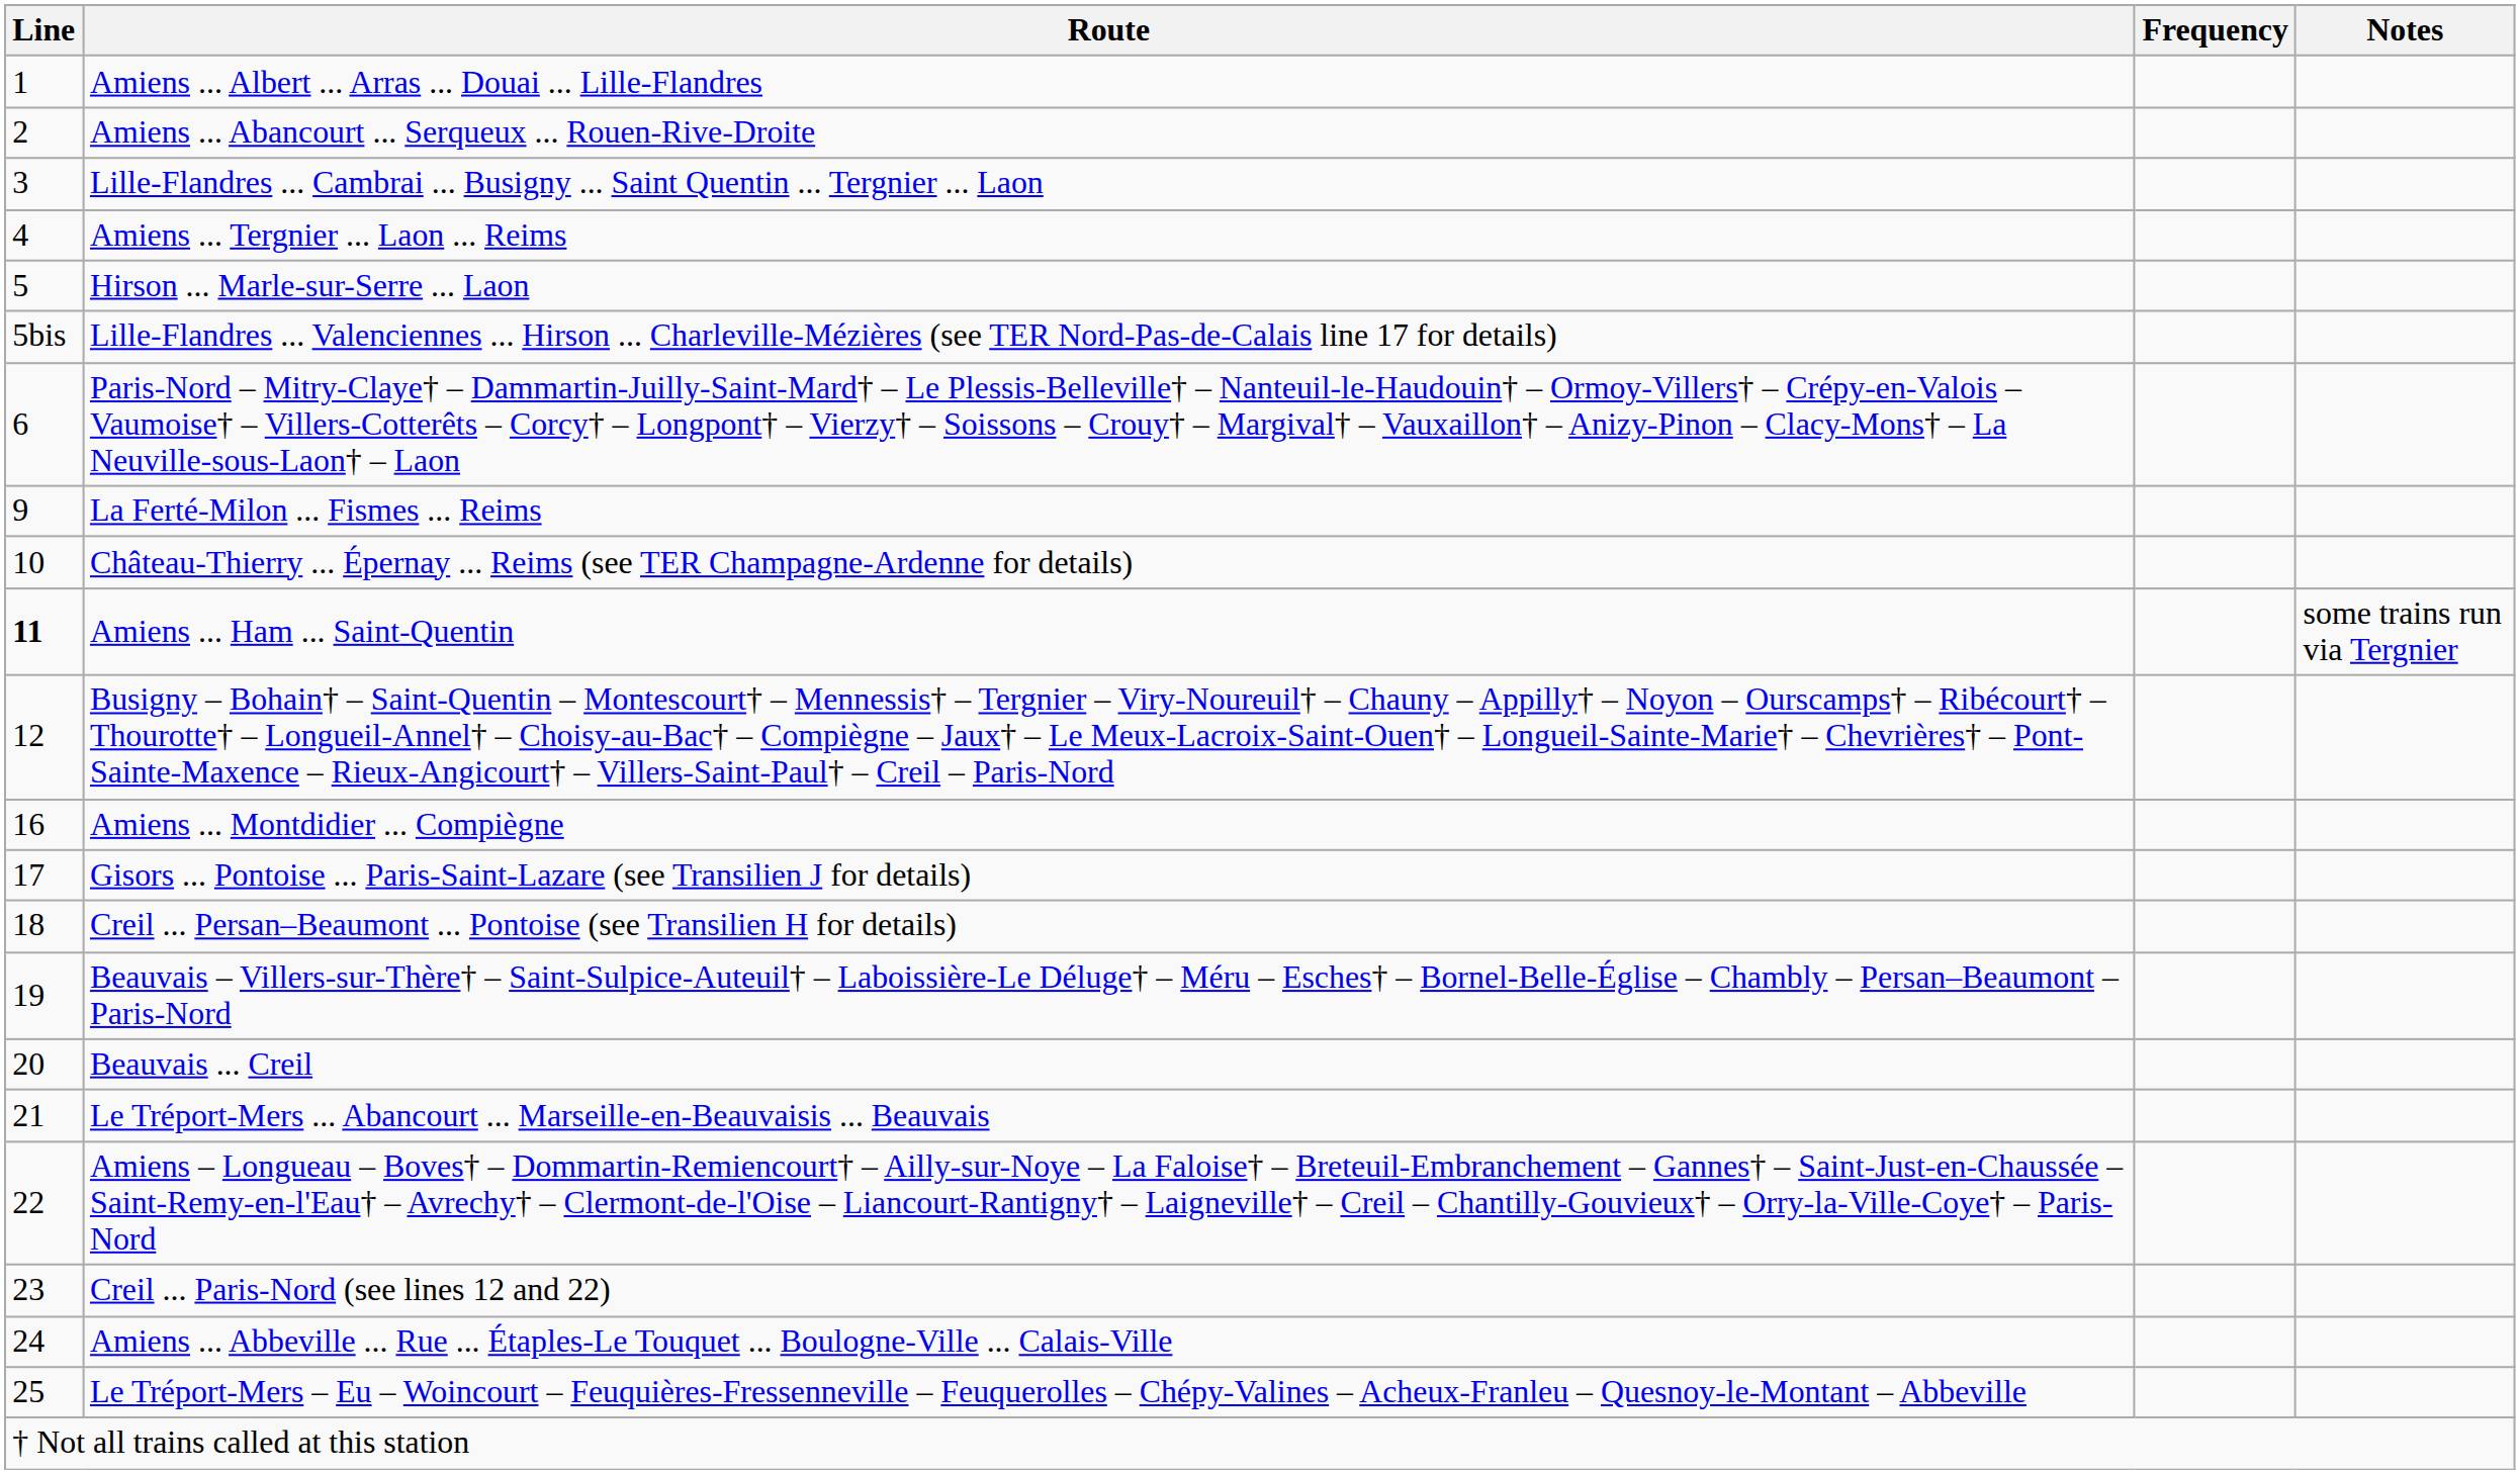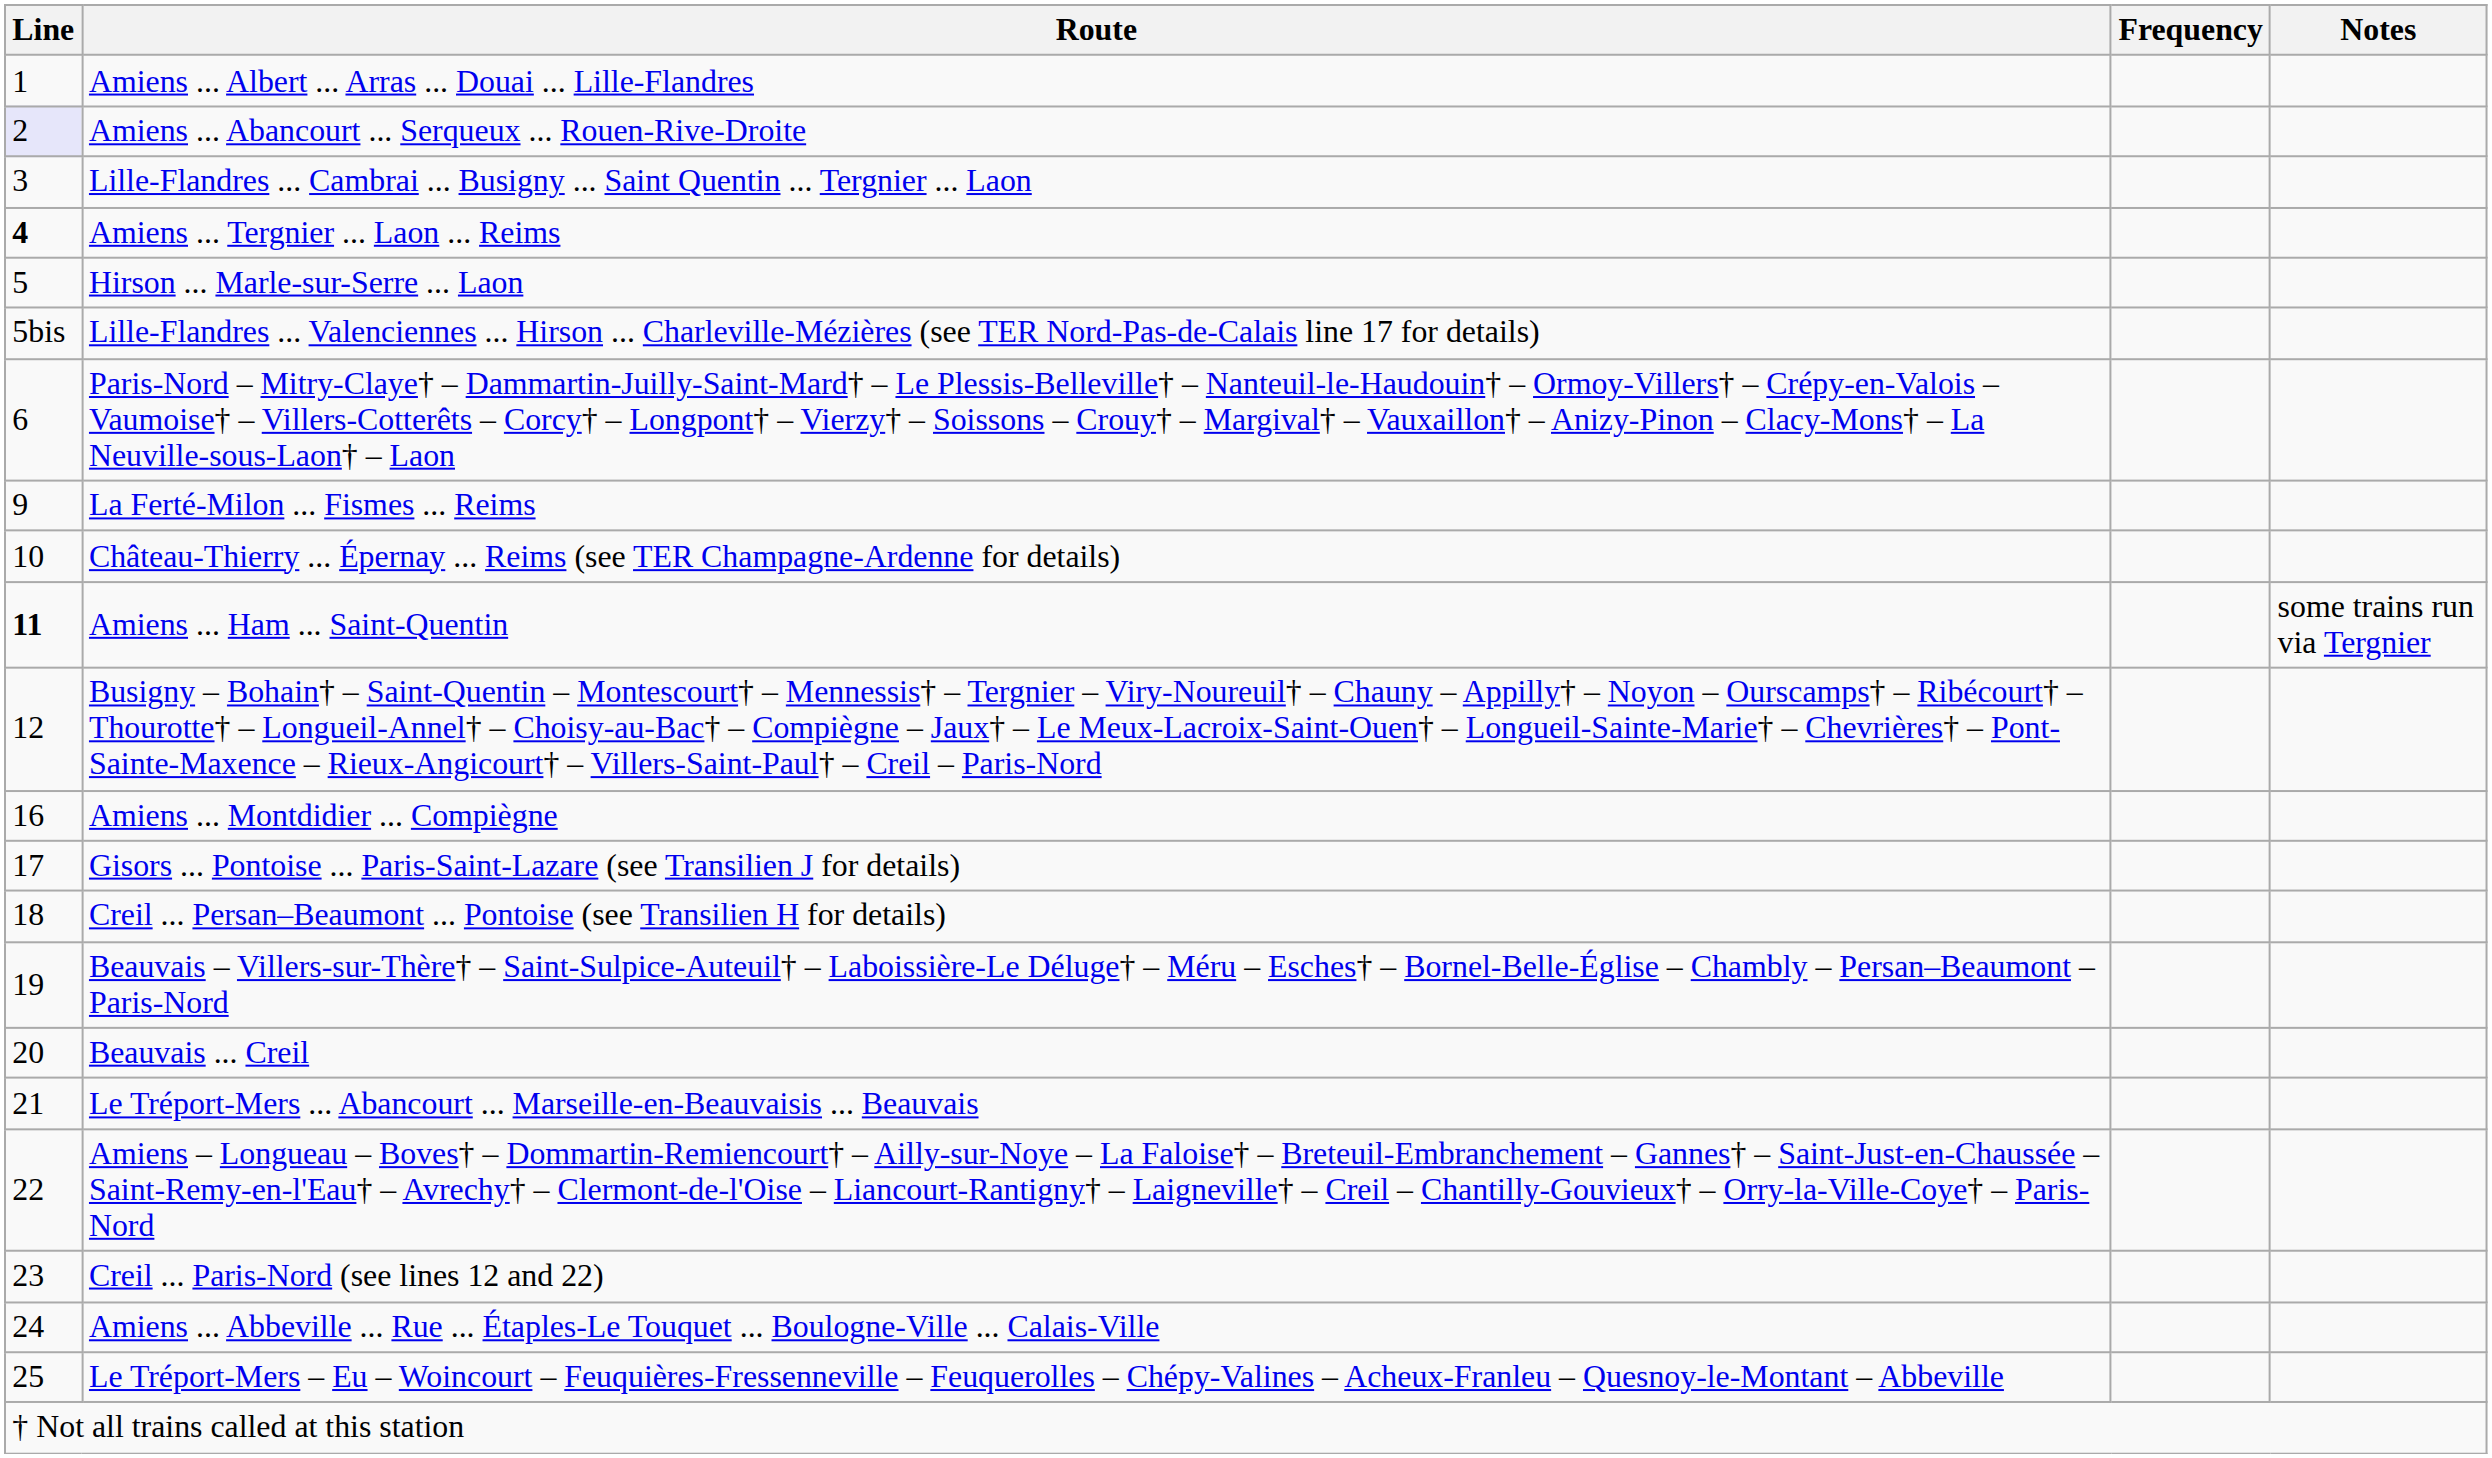 <table class="wikitable vatop">
 <tr>
 <th>Line</th>
 <th>Route</th>
 <th>Frequency</th>
 <th>Notes</th>
 </tr>
 <tr>
 <td>1</td>
 <td><a href='#'>Amiens</a> ... <a href='#'>Albert</a> ... <a href='#'>Arras</a> ... <a href='#'>Douai</a> ... <a href='#'>Lille-Flandres</a></td>
 <td></td>
 <td></td>
 </tr>
 <tr>
-<td>2</td>
+<td style="background: lavender;">2</td>
 <td><a href='#'>Amiens</a> ... <a href='#'>Abancourt</a> ... <a href='#'>Serqueux</a> ... <a href='#'>Rouen-Rive-Droite</a></td>
 <td></td>
 <td></td>
 </tr>
 <tr>
 <td>3</td>
 <td><a href='#'>Lille-Flandres</a> ... <a href='#'>Cambrai</a> ... <a href='#'>Busigny</a> ... <a href='#'>Saint Quentin</a> ... <a href='#'>Tergnier</a> ... <a href='#'>Laon</a></td>
 <td></td>
 <td></td>
 </tr>
 <tr>
-<td>4</td>
+<td><strong>4</strong></td>
 <td><a href='#'>Amiens</a> ... <a href='#'>Tergnier</a> ... <a href='#'>Laon</a> ... <a href='#'>Reims</a></td>
 <td></td>
 <td></td>
 </tr>
 <tr>
 <td>5</td>
 <td><a href='#'>Hirson</a> ... <a href='#'>Marle-sur-Serre</a> ... <a href='#'>Laon</a></td>
 <td></td>
 <td></td>
 </tr>
 <tr>
 <td>5bis</td>
 <td><a href='#'>Lille-Flandres</a> ... <a href='#'>Valenciennes</a> ... <a href='#'>Hirson</a> ... <a href='#'>Charleville-Mézières</a> (see <a href='#'>TER Nord-Pas-de-Calais</a> line 17 for details)</td>
 <td></td>
 <td></td>
 </tr>
 <tr>
 <td>6</td>
 <td><a href='#'>Paris-Nord</a> – <a href='#'>Mitry-Claye</a>† – <a href='#'>Dammartin-Juilly-Saint-Mard</a>† – <a href='#'>Le Plessis-Belleville</a>† – <a href='#'>Nanteuil-le-Haudouin</a>† – <a href='#'>Ormoy-Villers</a>† – <a href='#'>Crépy-en-Valois</a> – <a href='#'>Vaumoise</a>† – <a href='#'>Villers-Cotterêts</a> – <a href='#'>Corcy</a>† – <a href='#'>Longpont</a>† – <a href='#'>Vierzy</a>† – <a href='#'>Soissons</a> – <a href='#'>Crouy</a>† – <a href='#'>Margival</a>† – <a href='#'>Vauxaillon</a>† – <a href='#'>Anizy-Pinon</a> – <a href='#'>Clacy-Mons</a>† – <a href='#'>La Neuville-sous-Laon</a>† – <a href='#'>Laon</a></td>
 <td></td>
 <td></td>
 </tr>
 <tr>
 <td>9</td>
 <td><a href='#'>La Ferté-Milon</a> ... <a href='#'>Fismes</a> ... <a href='#'>Reims</a></td>
 <td></td>
 <td></td>
 </tr>
 <tr>
 <td>10</td>
 <td><a href='#'>Château-Thierry</a> ... <a href='#'>Épernay</a> ... <a href='#'>Reims</a> (see <a href='#'>TER Champagne-Ardenne</a> for details)</td>
 <td></td>
 <td></td>
 </tr>
 <tr>
 <td><strong>11</strong></td>
 <td><a href='#'>Amiens</a> ... <a href='#'>Ham</a> ... <a href='#'>Saint-Quentin</a></td>
 <td></td>
 <td>some trains run via <a href='#'>Tergnier</a></td>
 </tr>
 <tr>
 <td>12</td>
 <td><a href='#'>Busigny</a> – <a href='#'>Bohain</a>† – <a href='#'>Saint-Quentin</a> – <a href='#'>Montescourt</a>† – <a href='#'>Mennessis</a>† – <a href='#'>Tergnier</a> – <a href='#'>Viry-Noureuil</a>† – <a href='#'>Chauny</a> – <a href='#'>Appilly</a>† – <a href='#'>Noyon</a> – <a href='#'>Ourscamps</a>† – <a href='#'>Ribécourt</a>† – <a href='#'>Thourotte</a>† – <a href='#'>Longueil-Annel</a>† – <a href='#'>Choisy-au-Bac</a>† – <a href='#'>Compiègne</a> – <a href='#'>Jaux</a>† – <a href='#'>Le Meux-Lacroix-Saint-Ouen</a>† – <a href='#'>Longueil-Sainte-Marie</a>† – <a href='#'>Chevrières</a>† – <a href='#'>Pont-Sainte-Maxence</a> – <a href='#'>Rieux-Angicourt</a>† – <a href='#'>Villers-Saint-Paul</a>† – <a href='#'>Creil</a> – <a href='#'>Paris-Nord</a></td>
 <td></td>
 <td></td>
 </tr>
 <tr>
 <td>16</td>
 <td><a href='#'>Amiens</a> ... <a href='#'>Montdidier</a> ... <a href='#'>Compiègne</a></td>
 <td></td>
 <td></td>
 </tr>
 <tr>
 <td>17</td>
 <td><a href='#'>Gisors</a> ... <a href='#'>Pontoise</a> ... <a href='#'>Paris-Saint-Lazare</a> (see <a href='#'>Transilien J</a> for details)</td>
 <td></td>
 <td></td>
 </tr>
 <tr>
 <td>18</td>
 <td><a href='#'>Creil</a> ... <a href='#'>Persan–Beaumont</a> ... <a href='#'>Pontoise</a> (see <a href='#'>Transilien H</a> for details)</td>
 <td></td>
 <td></td>
 </tr>
 <tr>
 <td>19</td>
 <td><a href='#'>Beauvais</a> – <a href='#'>Villers-sur-Thère</a>† – <a href='#'>Saint-Sulpice-Auteuil</a>† – <a href='#'>Laboissière-Le Déluge</a>† – <a href='#'>Méru</a> – <a href='#'>Esches</a>† – <a href='#'>Bornel-Belle-Église</a> – <a href='#'>Chambly</a> – <a href='#'>Persan–Beaumont</a> – <a href='#'>Paris-Nord</a></td>
 <td></td>
 <td></td>
 </tr>
 <tr>
 <td>20</td>
 <td><a href='#'>Beauvais</a> ... <a href='#'>Creil</a></td>
 <td></td>
 <td></td>
 </tr>
 <tr>
 <td>21</td>
 <td><a href='#'>Le Tréport-Mers</a> ... <a href='#'>Abancourt</a> ... <a href='#'>Marseille-en-Beauvaisis</a> ... <a href='#'>Beauvais</a></td>
 <td></td>
 <td></td>
 </tr>
 <tr>
 <td>22</td>
 <td><a href='#'>Amiens</a> – <a href='#'>Longueau</a> – <a href='#'>Boves</a>† – <a href='#'>Dommartin-Remiencourt</a>† – <a href='#'>Ailly-sur-Noye</a> – <a href='#'>La Faloise</a>† – <a href='#'>Breteuil-Embranchement</a> – <a href='#'>Gannes</a>† – <a href='#'>Saint-Just-en-Chaussée</a> – <a href='#'>Saint-Remy-en-l'Eau</a>† – <a href='#'>Avrechy</a>† – <a href='#'>Clermont-de-l'Oise</a> – <a href='#'>Liancourt-Rantigny</a>† – <a href='#'>Laigneville</a>† – <a href='#'>Creil</a> – <a href='#'>Chantilly-Gouvieux</a>† – <a href='#'>Orry-la-Ville-Coye</a>† – <a href='#'>Paris-Nord</a></td>
 <td></td>
 <td></td>
 </tr>
 <tr>
 <td>23</td>
 <td><a href='#'>Creil</a> ... <a href='#'>Paris-Nord</a> (see lines 12 and 22)</td>
 <td></td>
 <td></td>
 </tr>
 <tr>
 <td>24</td>
 <td><a href='#'>Amiens</a> ... <a href='#'>Abbeville</a> ... <a href='#'>Rue</a> ... <a href='#'>Étaples-Le Touquet</a> ... <a href='#'>Boulogne-Ville</a> ... <a href='#'>Calais-Ville</a></td>
 <td></td>
 <td></td>
 </tr>
 <tr>
 <td>25</td>
 <td><a href='#'>Le Tréport-Mers</a> – <a href='#'>Eu</a> – <a href='#'>Woincourt</a> – <a href='#'>Feuquières-Fressenneville</a> – <a href='#'>Feuquerolles</a> – <a href='#'>Chépy-Valines</a> – <a href='#'>Acheux-Franleu</a> – <a href='#'>Quesnoy-le-Montant</a> – <a href='#'>Abbeville</a></td>
 <td></td>
 <td></td>
 </tr>
 <tr>
 <td colspan=4>† Not all trains called at this station</td>
 </tr>
 </table>
